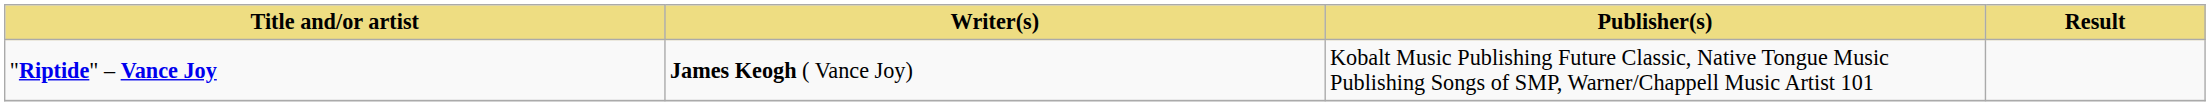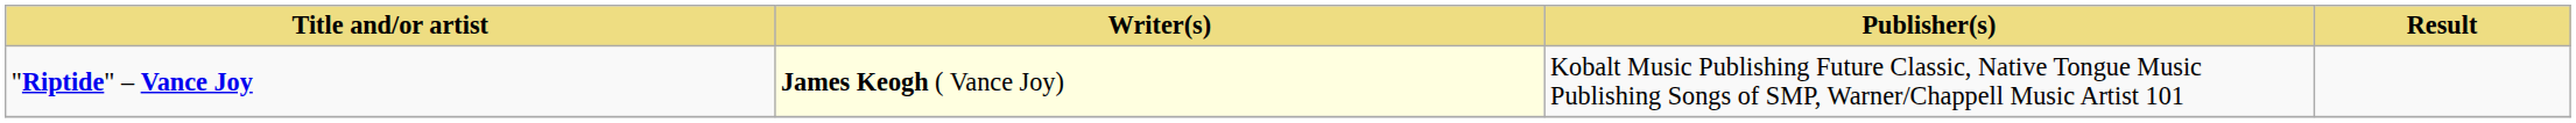 <table class="wikitable" width=100%>
 <tr>
 <th style="width:30%;background:#EEDD82;">Title and/or artist</th>
 <th style="width:30%;background:#EEDD82;">Writer(s)</th>
 <th style="width:30%;background:#EEDD82;">Publisher(s)</th>
 <th style="width:10%;background:#EEDD82;">Result</th>
 </tr>
 <tr>
 <td>"<strong><a href='#'>Riptide</a></strong>" – <strong><a href='#'>Vance Joy</a></strong></td>
-<td><strong>James Keogh</strong> ( Vance Joy)</td>
+<td style="background: lightyellow;"><strong>James Keogh</strong> ( Vance Joy)</td>
 <td>Kobalt Music Publishing  Future Classic, Native Tongue Music Publishing  Songs of SMP, Warner/Chappell Music  Artist 101</td>
 <td></td>
 </tr>
 <tr>
 </tr>
 </table>
